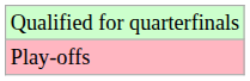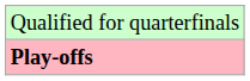 <table class=wikitable>
 <tr>
 <td bgcolor=ccffcc>Qualified for quarterfinals</td>
 </tr>
 <tr>
-<td bgcolor=ffb6c1>Play-offs</td>
+<td bgcolor=ffb6c1><strong>Play-offs</strong></td>
 </tr>
 </table>
